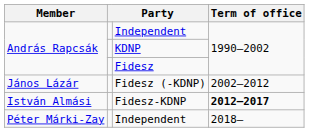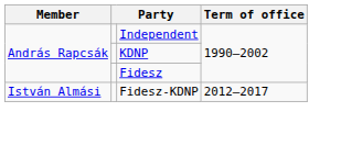 <table class=wikitable>
 <tr>
 <th>Member</th>
 <th colspan=2>Party</th>
 <th>Term of office</th>
 </tr>
 <tr>
 <td rowspan=3><a href='#'>András Rapcsák</a></td>
 <td style="background-color:"></td>
 <td><a href='#'>Independent</a></td>
 <td rowspan=3>1990–2002</td>
 </tr>
 <tr>
 <td style="background-color:"></td>
 <td><a href='#'>KDNP</a></td>
 </tr>
 <tr>
 <td style="background-color:"></td>
 <td><a href='#'>Fidesz</a></td>
 </tr>
 <tr>
-<td><a href='#'>János Lázár</a></td>
-<td style="background-color:"></td>
-<td>Fidesz (-KDNP)</td>
-<td>2002–2012</td>
-</tr>
-<tr>
 <td><a href='#'>István Almási</a></td>
 <td style="background-color:"></td>
 <td>Fidesz-KDNP</td>
-<td><strong>2012–2017</strong></td>
-</tr>
-<tr>
-<td><a href='#'>Péter Márki-Zay</a></td>
-<td style="background-color:"></td>
-<td>Independent</td>
-<td>2018–</td>
+<td>2012–2017</td>
 </tr>
 </table>
